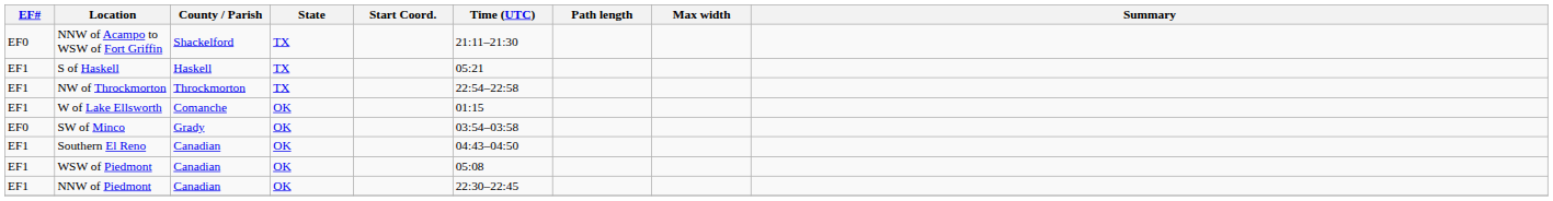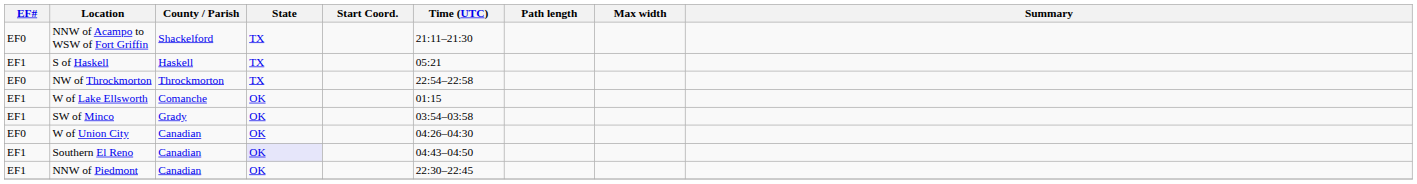 <table class="wikitable sortable" style="width:100%;">
 <tr>
 <th scope="col"  style="width:3%; text-align:center;"><a href='#'>EF#</a></th>
 <th scope="col"  style="width:7%; text-align:center;" class="unsortable">Location</th>
 <th scope="col"  style="width:6%; text-align:center;" class="unsortable">County / Parish</th>
 <th scope="col"  style="width:5%; text-align:center;">State</th>
 <th scope="col"  style="width:6%; text-align:center;">Start Coord.</th>
 <th scope="col"  style="width:6%; text-align:center;">Time (<a href='#'>UTC</a>)</th>
 <th scope="col"  style="width:6%; text-align:center;">Path length</th>
 <th scope="col"  style="width:6%; text-align:center;">Max width</th>
 <th scope="col" class="unsortable" style="width:48%; text-align:center;">Summary</th>
 </tr>
 <tr>
 <td>EF0</td>
 <td>NNW of <a href='#'>Acampo</a> to WSW of <a href='#'>Fort Griffin</a></td>
 <td><a href='#'>Shackelford</a></td>
 <td><a href='#'>TX</a></td>
 <td></td>
 <td>21:11–21:30</td>
 <td></td>
 <td></td>
 <td></td>
 </tr>
 <tr>
 <td>EF1</td>
 <td>S of <a href='#'>Haskell</a></td>
 <td><a href='#'>Haskell</a></td>
 <td><a href='#'>TX</a></td>
 <td></td>
 <td>05:21</td>
 <td></td>
 <td></td>
 <td></td>
 </tr>
 <tr>
-<td>EF1</td>
+<td>EF0</td>
 <td>NW of <a href='#'>Throckmorton</a></td>
 <td><a href='#'>Throckmorton</a></td>
 <td><a href='#'>TX</a></td>
 <td></td>
 <td>22:54–22:58</td>
 <td></td>
 <td></td>
 <td></td>
 </tr>
 <tr>
 <td>EF1</td>
 <td>W of <a href='#'>Lake Ellsworth</a></td>
 <td><a href='#'>Comanche</a></td>
 <td><a href='#'>OK</a></td>
 <td></td>
 <td>01:15</td>
 <td></td>
 <td></td>
 <td></td>
 </tr>
 <tr>
-<td>EF0</td>
+<td>EF1</td>
 <td>SW of <a href='#'>Minco</a></td>
 <td><a href='#'>Grady</a></td>
 <td><a href='#'>OK</a></td>
 <td></td>
 <td>03:54–03:58</td>
 <td></td>
 <td></td>
 <td></td>
 </tr>
 <tr>
-<td>EF1</td>
-<td>Southern <a href='#'>El Reno</a></td>
+<td>EF0</td>
+<td>W of <a href='#'>Union City</a></td>
 <td><a href='#'>Canadian</a></td>
 <td><a href='#'>OK</a></td>
 <td></td>
-<td>04:43–04:50</td>
+<td>04:26–04:30</td>
 <td></td>
 <td></td>
 <td></td>
 </tr>
 <tr>
 <td>EF1</td>
-<td>WSW of <a href='#'>Piedmont</a></td>
+<td>Southern <a href='#'>El Reno</a></td>
 <td><a href='#'>Canadian</a></td>
-<td><a href='#'>OK</a></td>
+<td style="background: lavender;"><a href='#'>OK</a></td>
 <td></td>
-<td>05:08</td>
+<td>04:43–04:50</td>
 <td></td>
 <td></td>
 <td></td>
 </tr>
 <tr>
 <td>EF1</td>
 <td>NNW of <a href='#'>Piedmont</a></td>
 <td><a href='#'>Canadian</a></td>
 <td><a href='#'>OK</a></td>
 <td></td>
 <td>22:30–22:45</td>
 <td></td>
 <td></td>
 <td></td>
 </tr>
 <tr>
 </tr>
 </table>
